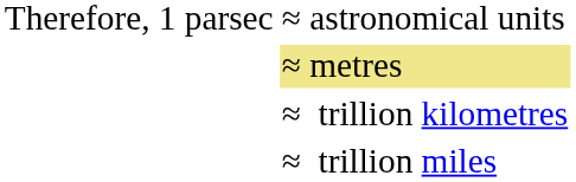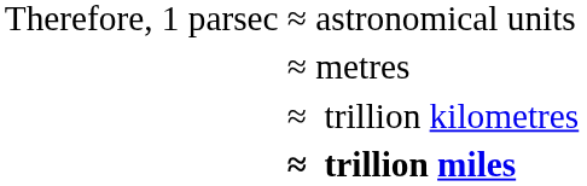 <table style="margin-left:1em">
 <tr>
 <td rowspan=5 valign=top>Therefore, 1 parsec</td>
 <td>≈  astronomical units</td>
 </tr>
 <tr>
-<td style="background: khaki;">≈  metres</td>
+<td>≈  metres</td>
 </tr>
 <tr>
 <td>≈  trillion <a href='#'>kilometres</a></td>
 </tr>
 <tr>
-<td>≈  trillion <a href='#'>miles</a></td>
+<td><strong>≈  trillion <a href='#'>miles</a></strong></td>
 </tr>
 </table>
